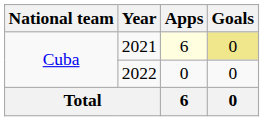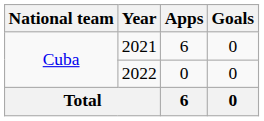 <table class="wikitable" style="text-align:center">
 <tr>
 <th>National team</th>
 <th>Year</th>
 <th>Apps</th>
 <th>Goals</th>
 </tr>
 <tr>
 <td rowspan="2"><a href='#'>Cuba</a></td>
 <td>2021</td>
-<td style="background: lightyellow;">6</td>
-<td style="background: khaki;">0</td>
+<td>6</td>
+<td>0</td>
 </tr>
 <tr>
 <td>2022</td>
 <td>0</td>
 <td>0</td>
 </tr>
 <tr>
 <th colspan="2">Total</th>
 <th>6</th>
 <th>0</th>
 </tr>
 </table>
